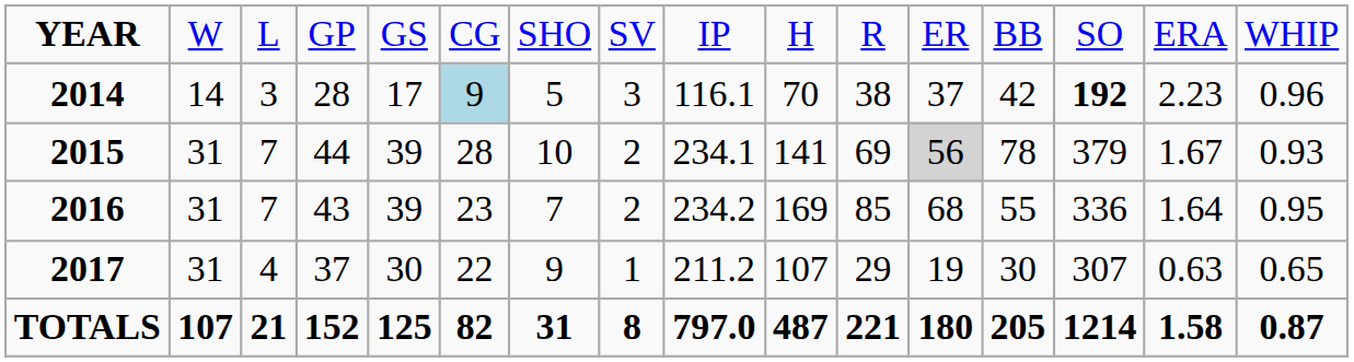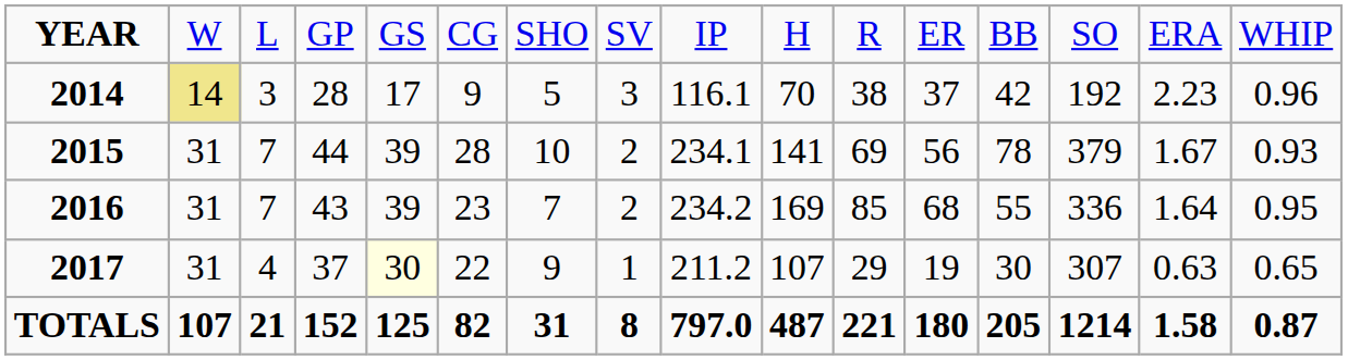 <table class="wikitable">
 <tr align=center>
 <td><strong>YEAR</strong></td>
 <td><a href='#'>W</a></td>
 <td><a href='#'>L</a></td>
 <td><a href='#'>GP</a></td>
 <td><a href='#'>GS</a></td>
 <td><a href='#'>CG</a></td>
 <td><a href='#'>SHO</a></td>
 <td><a href='#'>SV</a></td>
 <td><a href='#'>IP</a></td>
 <td><a href='#'>H</a></td>
 <td><a href='#'>R</a></td>
 <td><a href='#'>ER</a></td>
 <td><a href='#'>BB</a></td>
 <td><a href='#'>SO</a></td>
 <td><a href='#'>ERA</a></td>
 <td><a href='#'>WHIP</a></td>
 </tr>
 <tr align=center>
 <td><strong>2014</strong></td>
-<td>14</td>
+<td style="background: khaki;">14</td>
 <td>3</td>
 <td>28</td>
 <td>17</td>
-<td style="background: lightblue;">9</td>
+<td>9</td>
 <td>5</td>
 <td>3</td>
 <td>116.1</td>
 <td>70</td>
 <td>38</td>
 <td>37</td>
 <td>42</td>
-<td><strong>192</strong></td>
+<td>192</td>
 <td>2.23</td>
 <td>0.96</td>
 </tr>
 <tr align=center>
 <td><strong>2015</strong></td>
 <td>31</td>
 <td>7</td>
 <td>44</td>
 <td>39</td>
 <td>28</td>
 <td>10</td>
 <td>2</td>
 <td>234.1</td>
 <td>141</td>
 <td>69</td>
-<td style="background: lightgrey;">56</td>
+<td>56</td>
 <td>78</td>
 <td>379</td>
 <td>1.67</td>
 <td>0.93</td>
 </tr>
 <tr align=center>
 <td><strong>2016</strong></td>
 <td>31</td>
 <td>7</td>
 <td>43</td>
 <td>39</td>
 <td>23</td>
 <td>7</td>
 <td>2</td>
 <td>234.2</td>
 <td>169</td>
 <td>85</td>
 <td>68</td>
 <td>55</td>
 <td>336</td>
 <td>1.64</td>
 <td>0.95</td>
 </tr>
 <tr align=center>
 <td><strong>2017</strong></td>
 <td>31</td>
 <td>4</td>
 <td>37</td>
-<td>30</td>
+<td style="background: lightyellow;">30</td>
 <td>22</td>
 <td>9</td>
 <td>1</td>
 <td>211.2</td>
 <td>107</td>
 <td>29</td>
 <td>19</td>
 <td>30</td>
 <td>307</td>
 <td>0.63</td>
 <td>0.65</td>
 </tr>
 <tr align=center>
 <td><strong>TOTALS</strong></td>
 <td><strong>107</strong></td>
 <td><strong>21</strong></td>
 <td><strong>152</strong></td>
 <td><strong>125</strong></td>
 <td><strong>82</strong></td>
 <td><strong>31</strong></td>
 <td><strong>8</strong></td>
 <td><strong>797.0</strong></td>
 <td><strong>487</strong></td>
 <td><strong>221</strong></td>
 <td><strong>180</strong></td>
 <td><strong>205</strong></td>
 <td><strong>1214</strong></td>
 <td><strong>1.58</strong></td>
 <td><strong>0.87</strong></td>
 </tr>
 </table>
